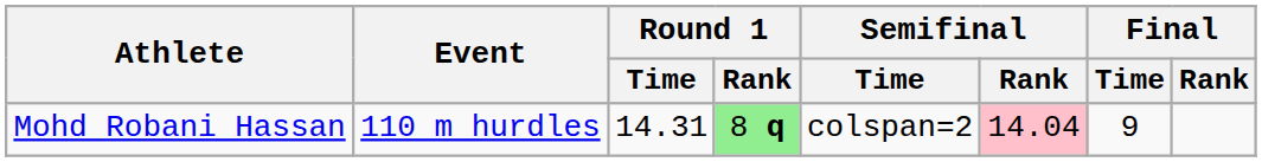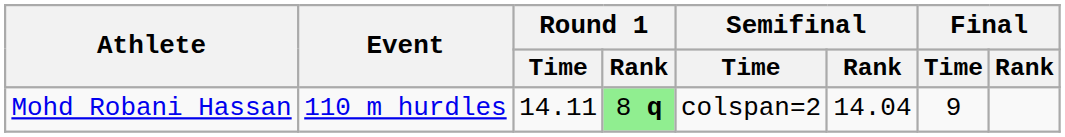 <table class="wikitable" style="font-size:90%">
 <tr>
 <th rowspan=2>Athlete</th>
 <th rowspan=2>Event</th>
 <th colspan=2>Round 1</th>
 <th colspan=2>Semifinal</th>
 <th colspan=2>Final</th>
 </tr>
 <tr style="font-size:95%">
 <th>Time</th>
 <th>Rank</th>
 <th>Time</th>
 <th>Rank</th>
 <th>Time</th>
 <th>Rank</th>
 </tr>
 <tr align=center>
 <td align=left><a href='#'>Mohd Robani Hassan</a></td>
 <td rowspan=2 align=left><a href='#'>110 m hurdles</a></td>
-<td>14.31</td>
+<td>14.11</td>
 <td style="background: lightgreen;">8 <strong>q</strong></td>
 <td>colspan=2 </td>
-<td style="background: pink;">14.04</td>
+<td>14.04</td>
 <td>9</td>
 </tr>
 </table>
